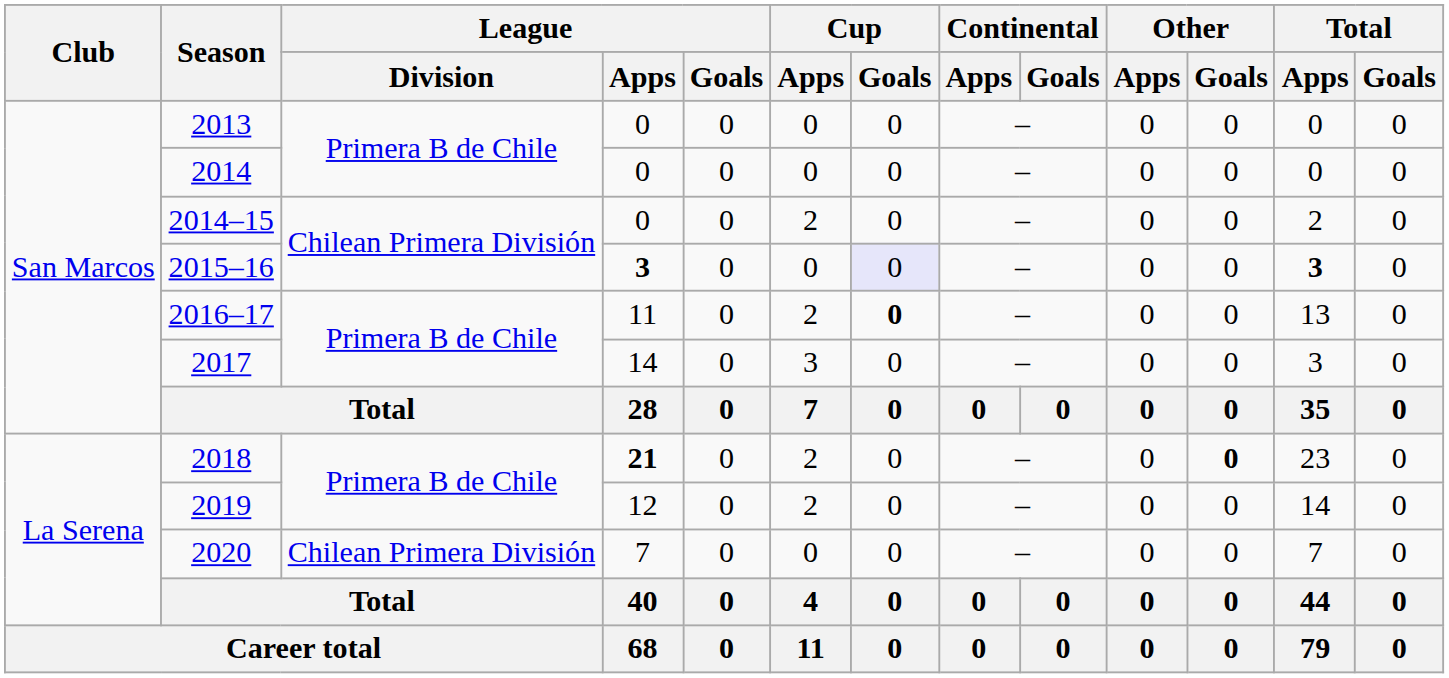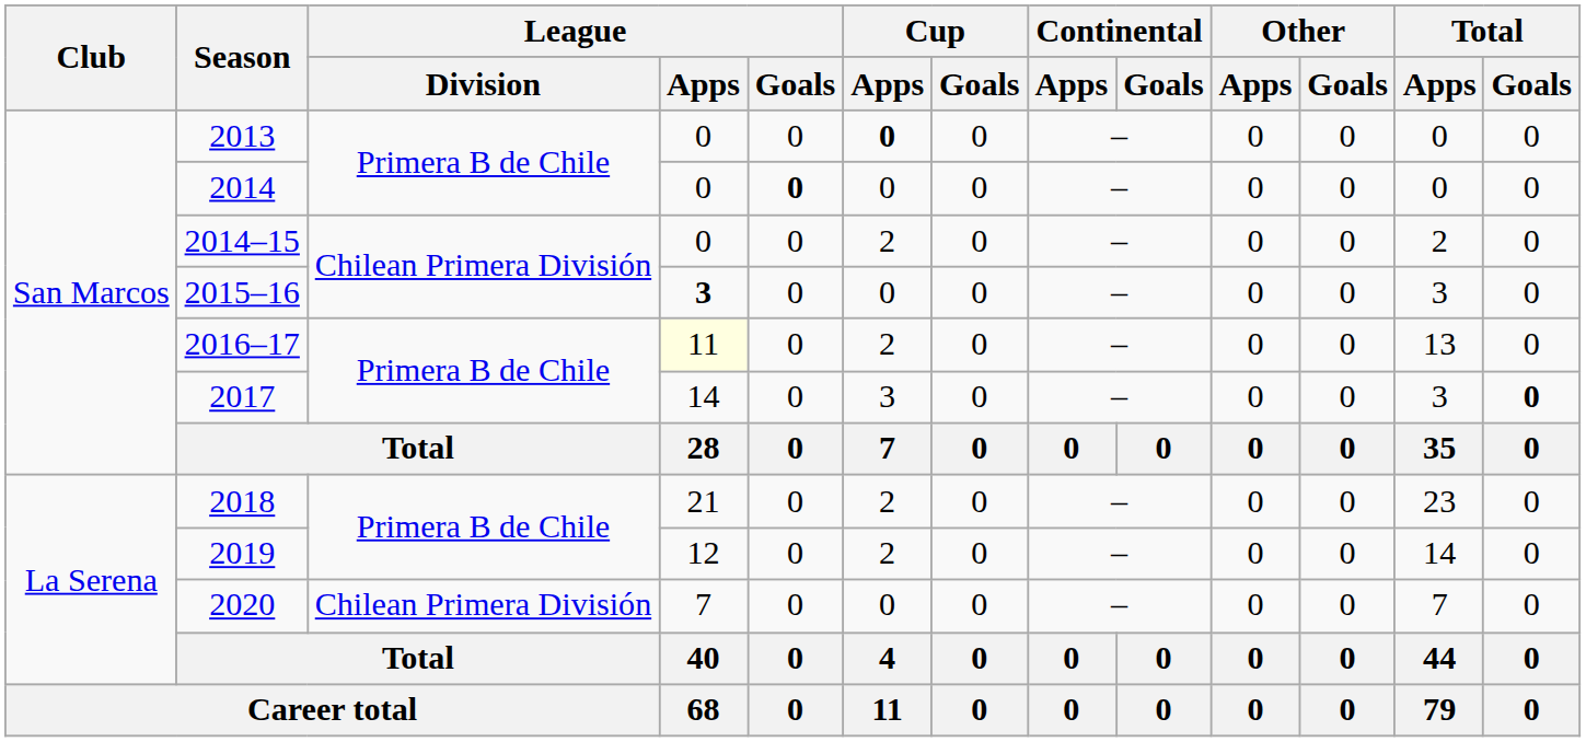 <table class="wikitable" style="text-align: center">
 <tr>
 <th rowspan="2">Club</th>
 <th rowspan="2">Season</th>
 <th colspan="3">League</th>
 <th colspan="2">Cup</th>
 <th colspan="2">Continental</th>
 <th colspan="2">Other</th>
 <th colspan="2">Total</th>
 </tr>
 <tr>
 <th>Division</th>
 <th>Apps</th>
 <th>Goals</th>
 <th>Apps</th>
 <th>Goals</th>
 <th>Apps</th>
 <th>Goals</th>
 <th>Apps</th>
 <th>Goals</th>
 <th>Apps</th>
 <th>Goals</th>
 </tr>
 <tr>
 <td rowspan="7"><a href='#'>San Marcos</a></td>
 <td><a href='#'>2013</a></td>
 <td rowspan="2"><a href='#'>Primera B de Chile</a></td>
 <td>0</td>
 <td>0</td>
-<td>0</td>
+<td><strong>0</strong></td>
 <td>0</td>
 <td colspan="2">–</td>
 <td>0</td>
 <td>0</td>
 <td>0</td>
 <td>0</td>
 </tr>
 <tr>
 <td><a href='#'>2014</a></td>
 <td>0</td>
-<td>0</td>
+<td><strong>0</strong></td>
 <td>0</td>
 <td>0</td>
 <td colspan="2">–</td>
 <td>0</td>
 <td>0</td>
 <td>0</td>
 <td>0</td>
 </tr>
 <tr>
 <td><a href='#'>2014–15</a></td>
 <td rowspan="2"><a href='#'>Chilean Primera División</a></td>
 <td>0</td>
 <td>0</td>
 <td>2</td>
 <td>0</td>
 <td colspan="2">–</td>
 <td>0</td>
 <td>0</td>
 <td>2</td>
 <td>0</td>
 </tr>
 <tr>
 <td><a href='#'>2015–16</a></td>
 <td><strong>3</strong></td>
 <td>0</td>
 <td>0</td>
-<td style="background: lavender;">0</td>
+<td>0</td>
 <td colspan="2">–</td>
 <td>0</td>
 <td>0</td>
-<td><strong>3</strong></td>
+<td>3</td>
 <td>0</td>
 </tr>
 <tr>
 <td><a href='#'>2016–17</a></td>
 <td rowspan="2"><a href='#'>Primera B de Chile</a></td>
-<td>11</td>
+<td style="background: lightyellow;">11</td>
 <td>0</td>
 <td>2</td>
-<td><strong>0</strong></td>
+<td>0</td>
 <td colspan="2">–</td>
 <td>0</td>
 <td>0</td>
 <td>13</td>
 <td>0</td>
 </tr>
 <tr>
 <td><a href='#'>2017</a></td>
 <td>14</td>
 <td>0</td>
 <td>3</td>
 <td>0</td>
 <td colspan="2">–</td>
 <td>0</td>
 <td>0</td>
 <td>3</td>
-<td>0</td>
+<td><strong>0</strong></td>
 </tr>
 <tr>
 <th colspan="2"><strong>Total</strong></th>
 <th>28</th>
 <th>0</th>
 <th>7</th>
 <th>0</th>
 <th>0</th>
 <th>0</th>
 <th>0</th>
 <th>0</th>
 <th>35</th>
 <th>0</th>
 </tr>
 <tr>
 <td rowspan="4"><a href='#'>La Serena</a></td>
 <td><a href='#'>2018</a></td>
 <td rowspan="2"><a href='#'>Primera B de Chile</a></td>
-<td><strong>21</strong></td>
+<td>21</td>
 <td>0</td>
 <td>2</td>
 <td>0</td>
 <td colspan="2">–</td>
 <td>0</td>
-<td><strong>0</strong></td>
+<td>0</td>
 <td>23</td>
 <td>0</td>
 </tr>
 <tr>
 <td><a href='#'>2019</a></td>
 <td>12</td>
 <td>0</td>
 <td>2</td>
 <td>0</td>
 <td colspan="2">–</td>
 <td>0</td>
 <td>0</td>
 <td>14</td>
 <td>0</td>
 </tr>
 <tr>
 <td><a href='#'>2020</a></td>
 <td><a href='#'>Chilean Primera División</a></td>
 <td>7</td>
 <td>0</td>
 <td>0</td>
 <td>0</td>
 <td colspan="2">–</td>
 <td>0</td>
 <td>0</td>
 <td>7</td>
 <td>0</td>
 </tr>
 <tr>
 <th colspan="2"><strong>Total</strong></th>
 <th>40</th>
 <th>0</th>
 <th>4</th>
 <th>0</th>
 <th>0</th>
 <th>0</th>
 <th>0</th>
 <th>0</th>
 <th>44</th>
 <th>0</th>
 </tr>
 <tr>
 <th colspan="3"><strong>Career total</strong></th>
 <th>68</th>
 <th>0</th>
 <th>11</th>
 <th>0</th>
 <th>0</th>
 <th>0</th>
 <th>0</th>
 <th>0</th>
 <th>79</th>
 <th>0</th>
 </tr>
 </table>
